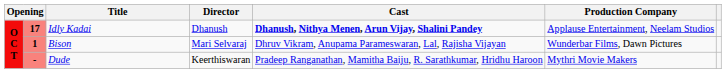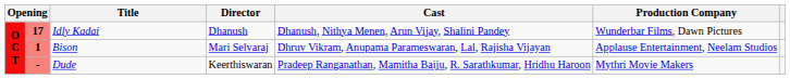 <table class="wikitable sortable">
 <tr>
 <th colspan="2">Opening</th>
 <th style="width:20%;">Title</th>
 <th>Director</th>
 <th>Cast</th>
 <th>Production Company</th>
 <th class="unsortable"></th>
 </tr>
 <tr>
 <td rowspan="3" style="text-align:center; background:#f40b0b; textcolor:#000;"><strong>O<br>C<br>T</strong></td>
 <td rowspan="1" style="text-align:center; background:#f9827c;"><strong>17</strong></td>
 <td><em><a href='#'>Idly Kadai</a></em></td>
 <td><a href='#'>Dhanush</a></td>
-<td><strong><a href='#'>Dhanush</a>, <a href='#'>Nithya Menen</a>, <a href='#'>Arun Vijay</a>, <a href='#'>Shalini Pandey</a></strong></td>
-<td><a href='#'>Applause Entertainment</a>, <a href='#'>Neelam Studios</a></td>
+<td><a href='#'>Dhanush</a>, <a href='#'>Nithya Menen</a>, <a href='#'>Arun Vijay</a>, <a href='#'>Shalini Pandey</a></td>
+<td><a href='#'>Wunderbar Films</a>, Dawn Pictures</td>
 <td style="text-align:center;"></td>
 </tr>
 <tr>
 <td rowspan="1" style="text-align:center; background:#f9827c;"><strong>1</strong></td>
 <td><em><a href='#'>Bison</a></em></td>
 <td><a href='#'>Mari Selvaraj</a></td>
 <td><a href='#'>Dhruv Vikram</a>, <a href='#'>Anupama Parameswaran</a>, <a href='#'>Lal</a>, <a href='#'>Rajisha Vijayan</a></td>
-<td><a href='#'>Wunderbar Films</a>, Dawn Pictures</td>
+<td><a href='#'>Applause Entertainment</a>, <a href='#'>Neelam Studios</a></td>
 <td style="text-align:center;"></td>
 </tr>
 <tr>
 <td rowspan="1" style="text-align:center; background:#f9827c;"><strong>-</strong></td>
 <td><a href='#'><em>Dude</em></a></td>
 <td>Keerthiswaran</td>
 <td><a href='#'>Pradeep Ranganathan</a>, <a href='#'>Mamitha Baiju</a>, <a href='#'>R. Sarathkumar</a>, <a href='#'>Hridhu Haroon</a></td>
 <td><a href='#'>Mythri Movie Makers</a></td>
 <td style="text-align:center;"></td>
 </tr>
 </table>
